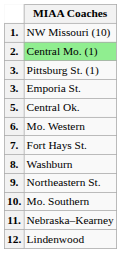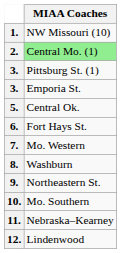 <table class="wikitable" style="white-space:nowrap; font-size:90%;">
 <tr>
 <td ! style="background:white; border-top-style:hidden; border-left-style:hidden;"></td>
 <th>MIAA Coaches</th>
 </tr>
 <tr>
 <th>1.</th>
 <td>NW Missouri (10)</td>
 </tr>
 <tr>
 <th>2.</th>
 <td style="background: lightgreen;">Central Mo. (1)</td>
 </tr>
 <tr>
 <th>3.</th>
 <td>Pittsburg St. (1)</td>
 </tr>
 <tr>
 <th>3.</th>
 <td>Emporia St.</td>
 </tr>
 <tr>
 <th>5.</th>
 <td>Central Ok.</td>
 </tr>
 <tr>
 <th>6.</th>
-<td>Mo. Western</td>
+<td>Fort Hays St.</td>
 </tr>
 <tr>
 <th>7.</th>
-<td>Fort Hays St.</td>
+<td>Mo. Western</td>
 </tr>
 <tr>
 <th>8.</th>
 <td>Washburn</td>
 </tr>
 <tr>
 <th>9.</th>
 <td>Northeastern St.</td>
 </tr>
 <tr>
 <th>10.</th>
 <td>Mo. Southern</td>
 </tr>
 <tr>
 <th>11.</th>
 <td>Nebraska–Kearney</td>
 </tr>
 <tr>
 <th>12.</th>
 <td>Lindenwood</td>
 </tr>
 </table>
